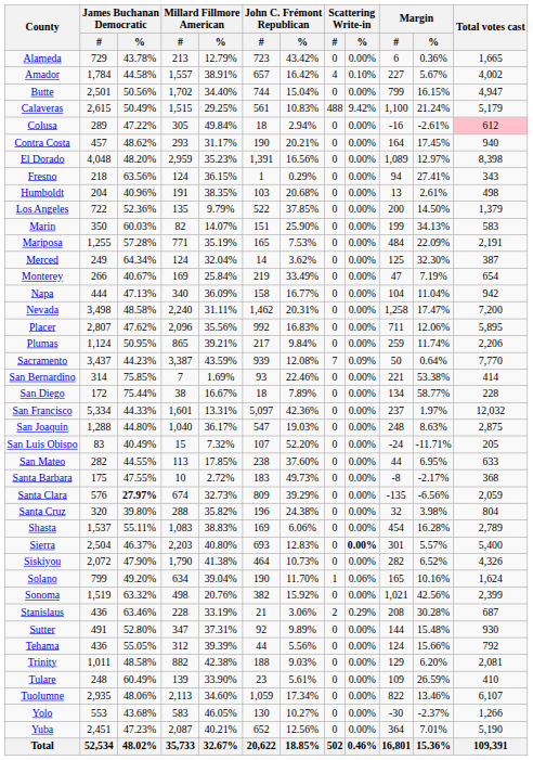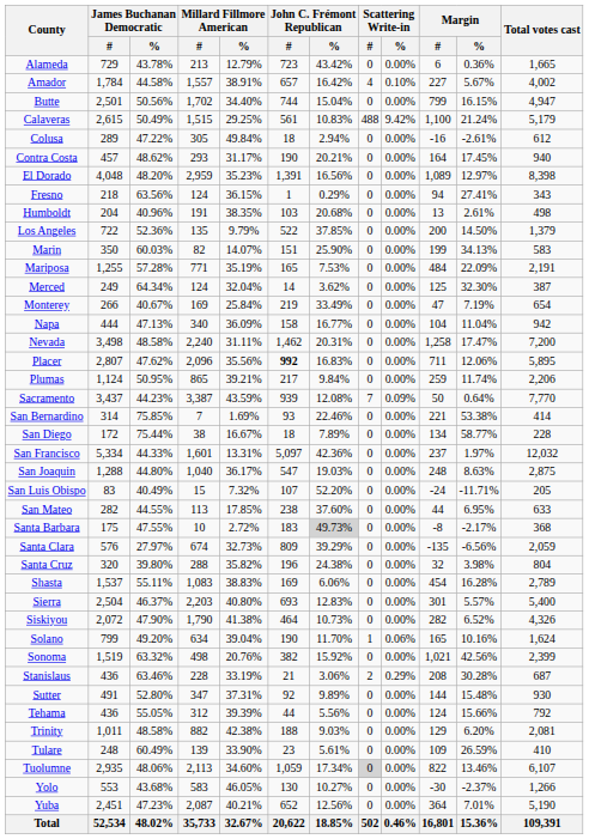 <table class="wikitable sortable" style="text-align:center">
 <tr>
 <th rowspan="2" style="text-align:center;">County</th>
 <th colspan="2" style="text-align:center;">James Buchanan<br>Democratic</th>
 <th colspan="2" style="text-align:center;">Millard Fillmore<br>American</th>
 <th colspan="2" style="text-align:center;">John C. Frémont<br>Republican</th>
 <th colspan="2" style="text-align:center;">Scattering<br>Write-in</th>
 <th colspan="2" style="text-align:center;">Margin</th>
 <th rowspan="2" style="text-align:center;">Total votes cast</th>
 </tr>
 <tr>
 <th style="text-align:center;" data-sort-type="number">#</th>
 <th style="text-align:center;" data-sort-type="number">%</th>
 <th style="text-align:center;" data-sort-type="number">#</th>
 <th style="text-align:center;" data-sort-type="number">%</th>
 <th style="text-align:center;" data-sort-type="number">#</th>
 <th style="text-align:center;" data-sort-type="number">%</th>
 <th style="text-align:center;" data-sort-type="number">#</th>
 <th style="text-align:center;" data-sort-type="number">%</th>
 <th style="text-align:center;" data-sort-type="number">#</th>
 <th style="text-align:center;" data-sort-type="number">%</th>
 </tr>
 <tr style="text-align:center;">
 <td><a href='#'>Alameda</a></td>
 <td>729</td>
 <td>43.78%</td>
 <td>213</td>
 <td>12.79%</td>
 <td>723</td>
 <td>43.42%</td>
 <td>0</td>
 <td>0.00%</td>
 <td>6</td>
 <td>0.36%</td>
 <td>1,665</td>
 </tr>
 <tr style="text-align:center;">
 <td><a href='#'>Amador</a></td>
 <td>1,784</td>
 <td>44.58%</td>
 <td>1,557</td>
 <td>38.91%</td>
 <td>657</td>
 <td>16.42%</td>
 <td>4</td>
 <td>0.10%</td>
 <td>227</td>
 <td>5.67%</td>
 <td>4,002</td>
 </tr>
 <tr style="text-align:center;">
 <td><a href='#'>Butte</a></td>
 <td>2,501</td>
 <td>50.56%</td>
 <td>1,702</td>
 <td>34.40%</td>
 <td>744</td>
 <td>15.04%</td>
 <td>0</td>
 <td>0.00%</td>
 <td>799</td>
 <td>16.15%</td>
 <td>4,947</td>
 </tr>
 <tr style="text-align:center;">
 <td><a href='#'>Calaveras</a></td>
 <td>2,615</td>
 <td>50.49%</td>
 <td>1,515</td>
 <td>29.25%</td>
 <td>561</td>
 <td>10.83%</td>
 <td>488</td>
 <td>9.42%</td>
 <td>1,100</td>
 <td>21.24%</td>
 <td>5,179</td>
 </tr>
 <tr style="text-align:center;">
 <td><a href='#'>Colusa</a></td>
 <td>289</td>
 <td>47.22%</td>
 <td>305</td>
 <td>49.84%</td>
 <td>18</td>
 <td>2.94%</td>
 <td>0</td>
 <td>0.00%</td>
 <td>-16</td>
 <td>-2.61%</td>
-<td style="background: pink;">612</td>
+<td>612</td>
 </tr>
 <tr style="text-align:center;">
 <td><a href='#'>Contra Costa</a></td>
 <td>457</td>
 <td>48.62%</td>
 <td>293</td>
 <td>31.17%</td>
 <td>190</td>
 <td>20.21%</td>
 <td>0</td>
 <td>0.00%</td>
 <td>164</td>
 <td>17.45%</td>
 <td>940</td>
 </tr>
 <tr style="text-align:center;">
 <td><a href='#'>El Dorado</a></td>
 <td>4,048</td>
 <td>48.20%</td>
 <td>2,959</td>
 <td>35.23%</td>
 <td>1,391</td>
 <td>16.56%</td>
 <td>0</td>
 <td>0.00%</td>
 <td>1,089</td>
 <td>12.97%</td>
 <td>8,398</td>
 </tr>
 <tr style="text-align:center;">
 <td><a href='#'>Fresno</a></td>
 <td>218</td>
 <td>63.56%</td>
 <td>124</td>
 <td>36.15%</td>
 <td>1</td>
 <td>0.29%</td>
 <td>0</td>
 <td>0.00%</td>
 <td>94</td>
 <td>27.41%</td>
 <td>343</td>
 </tr>
 <tr style="text-align:center;">
 <td><a href='#'>Humboldt</a></td>
 <td>204</td>
 <td>40.96%</td>
 <td>191</td>
 <td>38.35%</td>
 <td>103</td>
 <td>20.68%</td>
 <td>0</td>
 <td>0.00%</td>
 <td>13</td>
 <td>2.61%</td>
 <td>498</td>
 </tr>
 <tr style="text-align:center;">
 <td><a href='#'>Los Angeles</a></td>
 <td>722</td>
 <td>52.36%</td>
 <td>135</td>
 <td>9.79%</td>
 <td>522</td>
 <td>37.85%</td>
 <td>0</td>
 <td>0.00%</td>
 <td>200</td>
 <td>14.50%</td>
 <td>1,379</td>
 </tr>
 <tr style="text-align:center;">
 <td><a href='#'>Marin</a></td>
 <td>350</td>
 <td>60.03%</td>
 <td>82</td>
 <td>14.07%</td>
 <td>151</td>
 <td>25.90%</td>
 <td>0</td>
 <td>0.00%</td>
 <td>199</td>
 <td>34.13%</td>
 <td>583</td>
 </tr>
 <tr style="text-align:center;">
 <td><a href='#'>Mariposa</a></td>
 <td>1,255</td>
 <td>57.28%</td>
 <td>771</td>
 <td>35.19%</td>
 <td>165</td>
 <td>7.53%</td>
 <td>0</td>
 <td>0.00%</td>
 <td>484</td>
 <td>22.09%</td>
 <td>2,191</td>
 </tr>
 <tr style="text-align:center;">
 <td><a href='#'>Merced</a></td>
 <td>249</td>
 <td>64.34%</td>
 <td>124</td>
 <td>32.04%</td>
 <td>14</td>
 <td>3.62%</td>
 <td>0</td>
 <td>0.00%</td>
 <td>125</td>
 <td>32.30%</td>
 <td>387</td>
 </tr>
 <tr style="text-align:center;">
 <td><a href='#'>Monterey</a></td>
 <td>266</td>
 <td>40.67%</td>
 <td>169</td>
 <td>25.84%</td>
 <td>219</td>
 <td>33.49%</td>
 <td>0</td>
 <td>0.00%</td>
 <td>47</td>
 <td>7.19%</td>
 <td>654</td>
 </tr>
 <tr style="text-align:center;">
 <td><a href='#'>Napa</a></td>
 <td>444</td>
 <td>47.13%</td>
 <td>340</td>
 <td>36.09%</td>
 <td>158</td>
 <td>16.77%</td>
 <td>0</td>
 <td>0.00%</td>
 <td>104</td>
 <td>11.04%</td>
 <td>942</td>
 </tr>
 <tr style="text-align:center;">
 <td><a href='#'>Nevada</a></td>
 <td>3,498</td>
 <td>48.58%</td>
 <td>2,240</td>
 <td>31.11%</td>
 <td>1,462</td>
 <td>20.31%</td>
 <td>0</td>
 <td>0.00%</td>
 <td>1,258</td>
 <td>17.47%</td>
 <td>7,200</td>
 </tr>
 <tr style="text-align:center;">
 <td><a href='#'>Placer</a></td>
 <td>2,807</td>
 <td>47.62%</td>
 <td>2,096</td>
 <td>35.56%</td>
-<td>992</td>
+<td><strong>992</strong></td>
 <td>16.83%</td>
 <td>0</td>
 <td>0.00%</td>
 <td>711</td>
 <td>12.06%</td>
 <td>5,895</td>
 </tr>
 <tr style="text-align:center;">
 <td><a href='#'>Plumas</a></td>
 <td>1,124</td>
 <td>50.95%</td>
 <td>865</td>
 <td>39.21%</td>
 <td>217</td>
 <td>9.84%</td>
 <td>0</td>
 <td>0.00%</td>
 <td>259</td>
 <td>11.74%</td>
 <td>2,206</td>
 </tr>
 <tr style="text-align:center;">
 <td><a href='#'>Sacramento</a></td>
 <td>3,437</td>
 <td>44.23%</td>
 <td>3,387</td>
 <td>43.59%</td>
 <td>939</td>
 <td>12.08%</td>
 <td>7</td>
 <td>0.09%</td>
 <td>50</td>
 <td>0.64%</td>
 <td>7,770</td>
 </tr>
 <tr style="text-align:center;">
 <td><a href='#'>San Bernardino</a></td>
 <td>314</td>
 <td>75.85%</td>
 <td>7</td>
 <td>1.69%</td>
 <td>93</td>
 <td>22.46%</td>
 <td>0</td>
 <td>0.00%</td>
 <td>221</td>
 <td>53.38%</td>
 <td>414</td>
 </tr>
 <tr style="text-align:center;">
 <td><a href='#'>San Diego</a></td>
 <td>172</td>
 <td>75.44%</td>
 <td>38</td>
 <td>16.67%</td>
 <td>18</td>
 <td>7.89%</td>
 <td>0</td>
 <td>0.00%</td>
 <td>134</td>
 <td>58.77%</td>
 <td>228</td>
 </tr>
 <tr style="text-align:center;">
 <td><a href='#'>San Francisco</a></td>
 <td>5,334</td>
 <td>44.33%</td>
 <td>1,601</td>
 <td>13.31%</td>
 <td>5,097</td>
 <td>42.36%</td>
 <td>0</td>
 <td>0.00%</td>
 <td>237</td>
 <td>1.97%</td>
 <td>12,032</td>
 </tr>
 <tr style="text-align:center;">
 <td><a href='#'>San Joaquin</a></td>
 <td>1,288</td>
 <td>44.80%</td>
 <td>1,040</td>
 <td>36.17%</td>
 <td>547</td>
 <td>19.03%</td>
 <td>0</td>
 <td>0.00%</td>
 <td>248</td>
 <td>8.63%</td>
 <td>2,875</td>
 </tr>
 <tr style="text-align:center;">
 <td><a href='#'>San Luis Obispo</a></td>
 <td>83</td>
 <td>40.49%</td>
 <td>15</td>
 <td>7.32%</td>
 <td>107</td>
 <td>52.20%</td>
 <td>0</td>
 <td>0.00%</td>
 <td>-24</td>
 <td>-11.71%</td>
 <td>205</td>
 </tr>
 <tr style="text-align:center;">
 <td><a href='#'>San Mateo</a></td>
 <td>282</td>
 <td>44.55%</td>
 <td>113</td>
 <td>17.85%</td>
 <td>238</td>
 <td>37.60%</td>
 <td>0</td>
 <td>0.00%</td>
 <td>44</td>
 <td>6.95%</td>
 <td>633</td>
 </tr>
 <tr style="text-align:center;">
 <td><a href='#'>Santa Barbara</a></td>
 <td>175</td>
 <td>47.55%</td>
 <td>10</td>
 <td>2.72%</td>
 <td>183</td>
-<td>49.73%</td>
+<td style="background: lightgrey;">49.73%</td>
 <td>0</td>
 <td>0.00%</td>
 <td>-8</td>
 <td>-2.17%</td>
 <td>368</td>
 </tr>
 <tr style="text-align:center;">
 <td><a href='#'>Santa Clara</a></td>
 <td>576</td>
-<td><strong>27.97%</strong></td>
+<td>27.97%</td>
 <td>674</td>
 <td>32.73%</td>
 <td>809</td>
 <td>39.29%</td>
 <td>0</td>
 <td>0.00%</td>
 <td>-135</td>
 <td>-6.56%</td>
 <td>2,059</td>
 </tr>
 <tr style="text-align:center;">
 <td><a href='#'>Santa Cruz</a></td>
 <td>320</td>
 <td>39.80%</td>
 <td>288</td>
 <td>35.82%</td>
 <td>196</td>
 <td>24.38%</td>
 <td>0</td>
 <td>0.00%</td>
 <td>32</td>
 <td>3.98%</td>
 <td>804</td>
 </tr>
 <tr style="text-align:center;">
 <td><a href='#'>Shasta</a></td>
 <td>1,537</td>
 <td>55.11%</td>
 <td>1,083</td>
 <td>38.83%</td>
 <td>169</td>
 <td>6.06%</td>
 <td>0</td>
 <td>0.00%</td>
 <td>454</td>
 <td>16.28%</td>
 <td>2,789</td>
 </tr>
 <tr style="text-align:center;">
 <td><a href='#'>Sierra</a></td>
 <td>2,504</td>
 <td>46.37%</td>
 <td>2,203</td>
 <td>40.80%</td>
 <td>693</td>
 <td>12.83%</td>
 <td>0</td>
-<td><strong>0.00%</strong></td>
+<td>0.00%</td>
 <td>301</td>
 <td>5.57%</td>
 <td>5,400</td>
 </tr>
 <tr style="text-align:center;">
 <td><a href='#'>Siskiyou</a></td>
 <td>2,072</td>
 <td>47.90%</td>
 <td>1,790</td>
 <td>41.38%</td>
 <td>464</td>
 <td>10.73%</td>
 <td>0</td>
 <td>0.00%</td>
 <td>282</td>
 <td>6.52%</td>
 <td>4,326</td>
 </tr>
 <tr style="text-align:center;">
 <td><a href='#'>Solano</a></td>
 <td>799</td>
 <td>49.20%</td>
 <td>634</td>
 <td>39.04%</td>
 <td>190</td>
 <td>11.70%</td>
 <td>1</td>
 <td>0.06%</td>
 <td>165</td>
 <td>10.16%</td>
 <td>1,624</td>
 </tr>
 <tr style="text-align:center;">
 <td><a href='#'>Sonoma</a></td>
 <td>1,519</td>
 <td>63.32%</td>
 <td>498</td>
 <td>20.76%</td>
 <td>382</td>
 <td>15.92%</td>
 <td>0</td>
 <td>0.00%</td>
 <td>1,021</td>
 <td>42.56%</td>
 <td>2,399</td>
 </tr>
 <tr style="text-align:center;">
 <td><a href='#'>Stanislaus</a></td>
 <td>436</td>
 <td>63.46%</td>
 <td>228</td>
 <td>33.19%</td>
 <td>21</td>
 <td>3.06%</td>
 <td>2</td>
 <td>0.29%</td>
 <td>208</td>
 <td>30.28%</td>
 <td>687</td>
 </tr>
 <tr style="text-align:center;">
 <td><a href='#'>Sutter</a></td>
 <td>491</td>
 <td>52.80%</td>
 <td>347</td>
 <td>37.31%</td>
 <td>92</td>
 <td>9.89%</td>
 <td>0</td>
 <td>0.00%</td>
 <td>144</td>
 <td>15.48%</td>
 <td>930</td>
 </tr>
 <tr style="text-align:center;">
 <td><a href='#'>Tehama</a></td>
 <td>436</td>
 <td>55.05%</td>
 <td>312</td>
 <td>39.39%</td>
 <td>44</td>
 <td>5.56%</td>
 <td>0</td>
 <td>0.00%</td>
 <td>124</td>
 <td>15.66%</td>
 <td>792</td>
 </tr>
 <tr style="text-align:center;">
 <td><a href='#'>Trinity</a></td>
 <td>1,011</td>
 <td>48.58%</td>
 <td>882</td>
 <td>42.38%</td>
 <td>188</td>
 <td>9.03%</td>
 <td>0</td>
 <td>0.00%</td>
 <td>129</td>
 <td>6.20%</td>
 <td>2,081</td>
 </tr>
 <tr style="text-align:center;">
 <td><a href='#'>Tulare</a></td>
 <td>248</td>
 <td>60.49%</td>
 <td>139</td>
 <td>33.90%</td>
 <td>23</td>
 <td>5.61%</td>
 <td>0</td>
 <td>0.00%</td>
 <td>109</td>
 <td>26.59%</td>
 <td>410</td>
 </tr>
 <tr style="text-align:center;">
 <td><a href='#'>Tuolumne</a></td>
 <td>2,935</td>
 <td>48.06%</td>
 <td>2,113</td>
 <td>34.60%</td>
 <td>1,059</td>
 <td>17.34%</td>
-<td>0</td>
+<td style="background: lightgrey;">0</td>
 <td>0.00%</td>
 <td>822</td>
 <td>13.46%</td>
 <td>6,107</td>
 </tr>
 <tr style="text-align:center;">
 <td><a href='#'>Yolo</a></td>
 <td>553</td>
 <td>43.68%</td>
 <td>583</td>
 <td>46.05%</td>
 <td>130</td>
 <td>10.27%</td>
 <td>0</td>
 <td>0.00%</td>
 <td>-30</td>
 <td>-2.37%</td>
 <td>1,266</td>
 </tr>
 <tr style="text-align:center;">
 <td><a href='#'>Yuba</a></td>
 <td>2,451</td>
 <td>47.23%</td>
 <td>2,087</td>
 <td>40.21%</td>
 <td>652</td>
 <td>12.56%</td>
 <td>0</td>
 <td>0.00%</td>
 <td>364</td>
 <td>7.01%</td>
 <td>5,190</td>
 </tr>
 <tr>
 <th>Total</th>
 <th>52,534</th>
 <th>48.02%</th>
 <th>35,733</th>
 <th>32.67%</th>
 <th>20,622</th>
 <th>18.85%</th>
 <th>502</th>
 <th>0.46%</th>
 <th>16,801</th>
 <th>15.36%</th>
 <th>109,391</th>
 </tr>
 </table>
